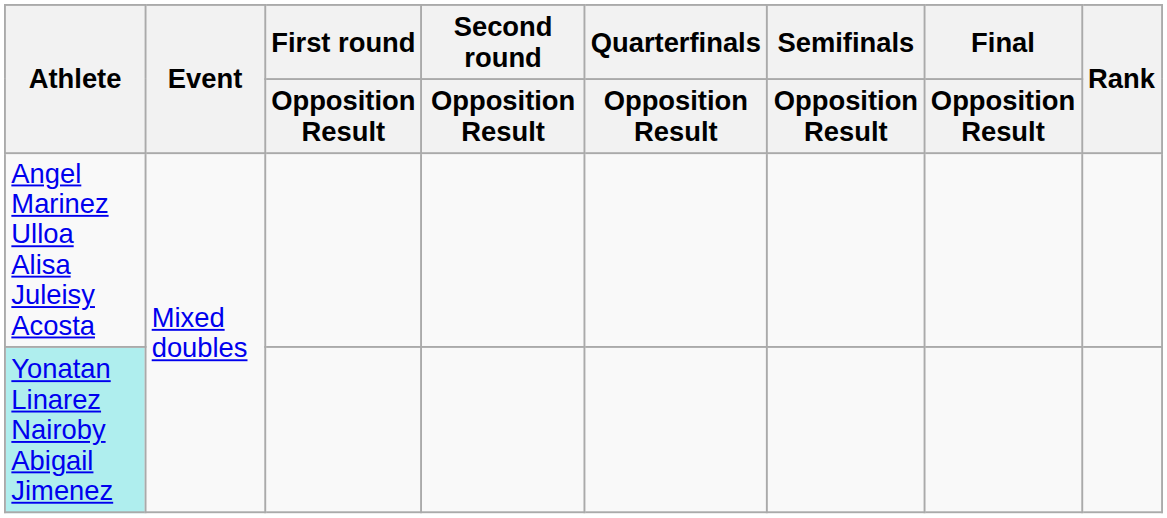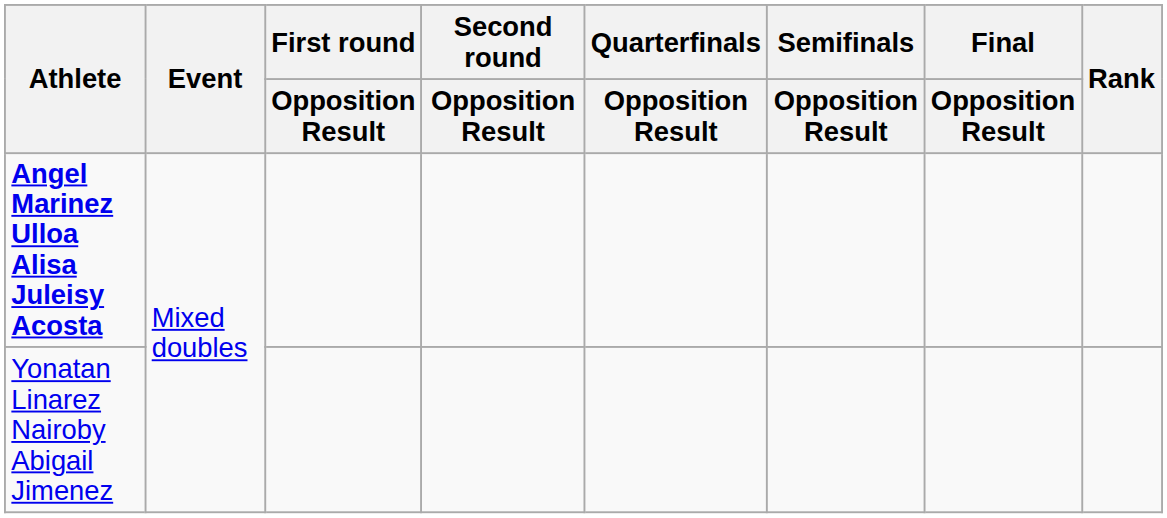 <table class="wikitable" style="font-size:90%">
 <tr>
 <th rowspan="2">Athlete</th>
 <th rowspan="2">Event</th>
 <th>First round</th>
 <th>Second round</th>
 <th>Quarterfinals</th>
 <th>Semifinals</th>
 <th>Final</th>
 <th rowspan="2">Rank</th>
 </tr>
 <tr>
 <th>Opposition<br>Result</th>
 <th>Opposition<br>Result</th>
 <th>Opposition<br>Result</th>
 <th>Opposition<br>Result</th>
 <th>Opposition<br>Result</th>
 </tr>
 <tr>
-<td><a href='#'>Angel Marinez Ulloa</a><br><a href='#'>Alisa Juleisy Acosta</a></td>
+<td><strong><a href='#'>Angel Marinez Ulloa</a><br><a href='#'>Alisa Juleisy Acosta</a></strong></td>
 <td rowspan=2><a href='#'>Mixed doubles</a></td>
 <td></td>
 <td></td>
 <td></td>
 <td></td>
 <td></td>
 <td></td>
 </tr>
 <tr>
-<td style="background: paleturquoise;"><a href='#'>Yonatan Linarez</a><br><a href='#'>Nairoby Abigail Jimenez</a></td>
+<td><a href='#'>Yonatan Linarez</a><br><a href='#'>Nairoby Abigail Jimenez</a></td>
 <td><br></td>
 <td></td>
 <td></td>
 <td></td>
 <td></td>
 <td></td>
 </tr>
 </table>
